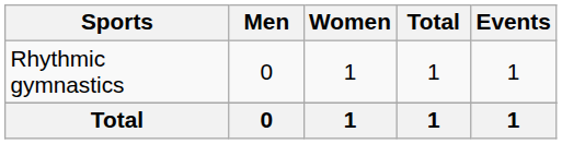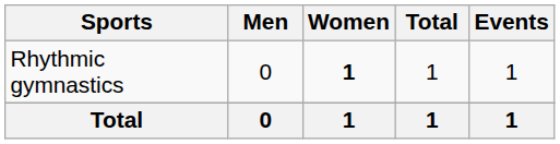 <table class="wikitable sortable" style="text-align:center;">
 <tr>
 <th width=150>Sports</th>
 <th width=45>Men</th>
 <th width=45>Women</th>
 <th width=45>Total</th>
 <th width=45>Events</th>
 </tr>
 <tr>
 <td align=left>Rhythmic gymnastics</td>
 <td>0</td>
-<td>1</td>
+<td><strong>1</strong></td>
 <td>1</td>
 <td>1</td>
 </tr>
 <tr>
 </tr>
 <tr class="sortbottom">
 <th>Total</th>
 <th>0</th>
 <th>1</th>
 <th>1</th>
 <th>1</th>
 </tr>
 </table>
